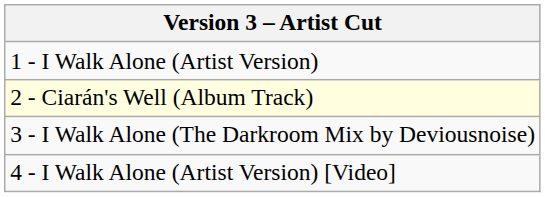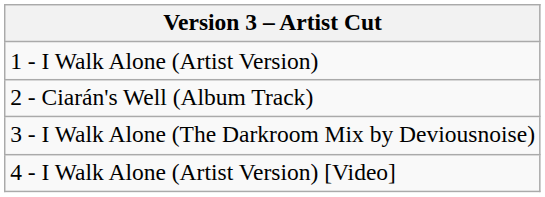 <table class="wikitable">
 <tr>
 <th>Version 3 – Artist Cut</th>
 </tr>
 <tr>
 <td>1 - I Walk Alone (Artist Version)</td>
 </tr>
 <tr>
-<td style="background: lightyellow;">2 - Ciarán's Well (Album Track)</td>
+<td>2 - Ciarán's Well (Album Track)</td>
 </tr>
 <tr>
 <td>3 - I Walk Alone (The Darkroom Mix by Deviousnoise)</td>
 </tr>
 <tr>
 <td>4 - I Walk Alone (Artist Version) [Video]</td>
 </tr>
 </table>
